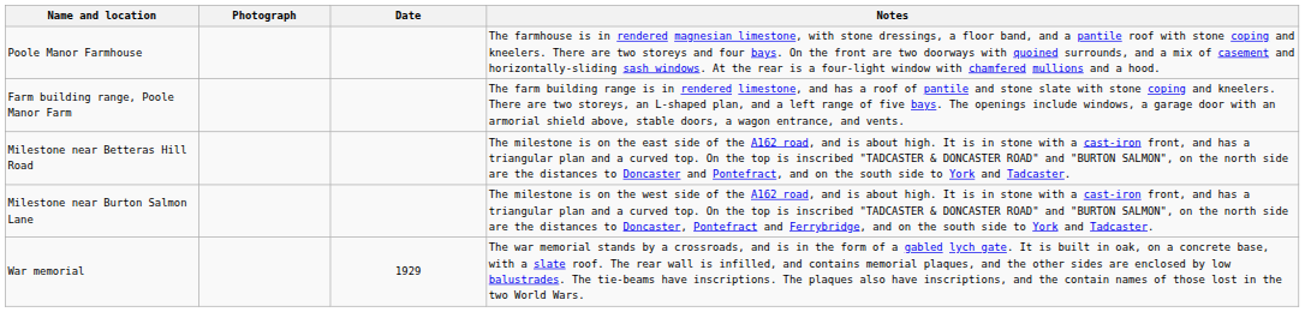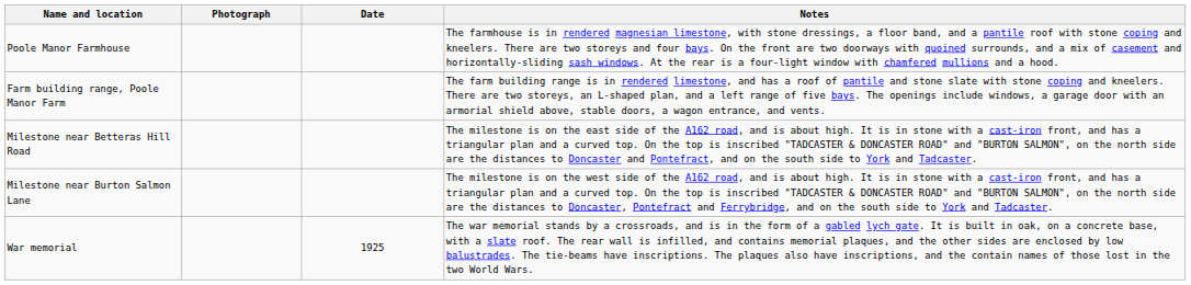 <table class="wikitable sortable plainrowheaders" style="width:100%;border:0px;text-align:left;line-height:150%;">
 <tr>
 <th scope="col"  style="width:150px">Name and location</th>
 <th scope="col"  style="width:100px" class="unsortable">Photograph</th>
 <th scope="col"  style="width:120px">Date</th>
 <th scope="col"  style="width:650px" class="unsortable">Notes</th>
 </tr>
 <tr>
 <td>Poole Manor Farmhouse<br><small></small></td>
 <td></td>
 <td align="center"></td>
 <td>The farmhouse is in <a href='#'>rendered</a> <a href='#'>magnesian limestone</a>, with stone dressings, a floor band, and a <a href='#'>pantile</a> roof with stone <a href='#'>coping</a> and kneelers.  There are two storeys and four <a href='#'>bays</a>.  On the front are two doorways with <a href='#'>quoined</a> surrounds, and a mix of <a href='#'>casement</a> and horizontally-sliding <a href='#'>sash windows</a>.  At the rear is a four-light window with <a href='#'>chamfered</a> <a href='#'>mullions</a> and a hood.</td>
 </tr>
 <tr>
 <td>Farm building range, Poole Manor Farm<br><small></small></td>
 <td></td>
 <td align="center"></td>
 <td>The farm building range is in <a href='#'>rendered</a> <a href='#'>limestone</a>, and has a roof of <a href='#'>pantile</a> and stone slate with stone <a href='#'>coping</a> and kneelers.  There are two storeys, an L-shaped plan, and a left range of five <a href='#'>bays</a>.  The openings include windows, a garage door with an armorial shield above, stable doors, a wagon entrance, and vents.</td>
 </tr>
 <tr>
 <td>Milestone near Betteras Hill Road<br><small></small></td>
 <td></td>
 <td align="center"></td>
 <td>The milestone is on the east side of the <a href='#'>A162 road</a>, and is about  high.  It is in stone with a <a href='#'>cast-iron</a> front, and has a triangular plan and a curved top.  On the top is inscribed "TADCASTER & DONCASTER ROAD" and "BURTON SALMON", on the north side are the distances to <a href='#'>Doncaster</a> and <a href='#'>Pontefract</a>, and on the south side to <a href='#'>York</a> and <a href='#'>Tadcaster</a>.</td>
 </tr>
 <tr>
 <td>Milestone near Burton Salmon Lane<br><small></small></td>
 <td></td>
 <td align="center"></td>
 <td>The milestone is on the west side of the <a href='#'>A162 road</a>, and is about  high.  It is in stone with a <a href='#'>cast-iron</a> front, and has a triangular plan and a curved top.  On the top is inscribed "TADCASTER & DONCASTER ROAD" and "BURTON SALMON", on the north side are the distances to <a href='#'>Doncaster</a>, <a href='#'>Pontefract</a> and <a href='#'>Ferrybridge</a>, and on the south side to <a href='#'>York</a> and <a href='#'>Tadcaster</a>.</td>
 </tr>
 <tr>
 <td>War memorial<br><small></small></td>
 <td></td>
-<td align="center">1929</td>
+<td align="center">1925</td>
 <td>The war memorial stands by a crossroads, and is in the form of a <a href='#'>gabled</a> <a href='#'>lych gate</a>. It is built in oak, on a concrete base, with a <a href='#'>slate</a> roof.  The rear wall is infilled, and contains memorial plaques, and the other sides are enclosed by low <a href='#'>balustrades</a>. The tie-beams have inscriptions.  The plaques also have inscriptions, and the contain names of those lost in the two World Wars.</td>
 </tr>
 <tr>
 </tr>
 </table>
